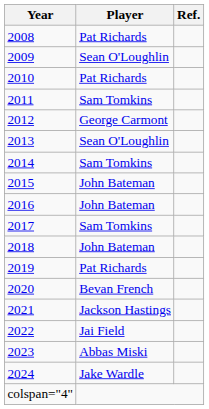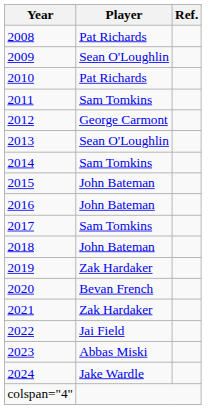 <table Class="wikitable">
 <tr>
 <th>Year</th>
 <th>Player</th>
 <th>Ref.</th>
 </tr>
 <tr>
 <td><a href='#'>2008</a></td>
 <td> <a href='#'>Pat Richards</a></td>
 <td></td>
 </tr>
 <tr>
 <td><a href='#'>2009</a></td>
 <td> <a href='#'>Sean O'Loughlin</a></td>
 <td></td>
 </tr>
 <tr>
 <td><a href='#'>2010</a></td>
 <td> <a href='#'>Pat Richards</a></td>
 <td></td>
 </tr>
 <tr>
 <td><a href='#'>2011</a></td>
 <td> <a href='#'>Sam Tomkins</a></td>
 <td></td>
 </tr>
 <tr>
 <td><a href='#'>2012</a></td>
 <td> <a href='#'>George Carmont</a></td>
 <td></td>
 </tr>
 <tr>
 <td><a href='#'>2013</a></td>
 <td> <a href='#'>Sean O'Loughlin</a></td>
 <td></td>
 </tr>
 <tr>
 <td><a href='#'>2014</a></td>
 <td> <a href='#'>Sam Tomkins</a></td>
 <td></td>
 </tr>
 <tr>
 <td><a href='#'>2015</a></td>
 <td> <a href='#'>John Bateman</a></td>
 <td></td>
 </tr>
 <tr>
 <td><a href='#'>2016</a></td>
 <td> <a href='#'>John Bateman</a></td>
 <td></td>
 </tr>
 <tr>
 <td><a href='#'>2017</a></td>
 <td> <a href='#'>Sam Tomkins</a></td>
 <td></td>
 </tr>
 <tr>
 <td><a href='#'>2018</a></td>
 <td> <a href='#'>John Bateman</a></td>
 <td></td>
 </tr>
 <tr>
 <td><a href='#'>2019</a></td>
-<td> <a href='#'>Pat Richards</a></td>
+<td> <a href='#'>Zak Hardaker</a></td>
 <td></td>
 </tr>
 <tr>
 <td><a href='#'>2020</a></td>
 <td> <a href='#'>Bevan French</a></td>
 <td></td>
 </tr>
 <tr>
 <td><a href='#'>2021</a></td>
-<td> <a href='#'>Jackson Hastings</a></td>
+<td> <a href='#'>Zak Hardaker</a></td>
 <td></td>
 </tr>
 <tr>
 <td><a href='#'>2022</a></td>
 <td> <a href='#'>Jai Field</a></td>
 <td></td>
 </tr>
 <tr>
 <td><a href='#'>2023</a></td>
 <td> <a href='#'>Abbas Miski</a></td>
 <td></td>
 </tr>
 <tr>
 <td><a href='#'>2024</a></td>
 <td> <a href='#'>Jake Wardle</a></td>
 <td></td>
 </tr>
 <tr>
 <td>colspan="4"</td>
 </tr>
 </table>
